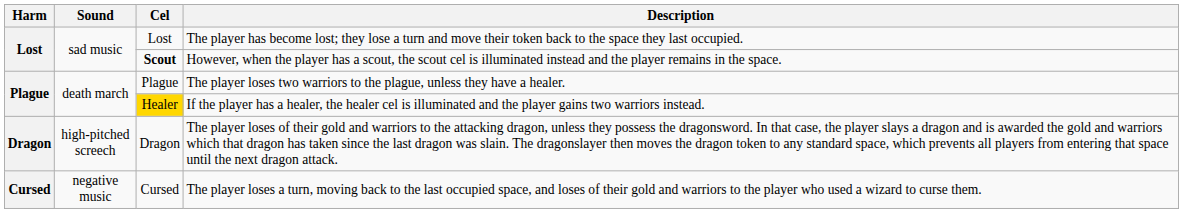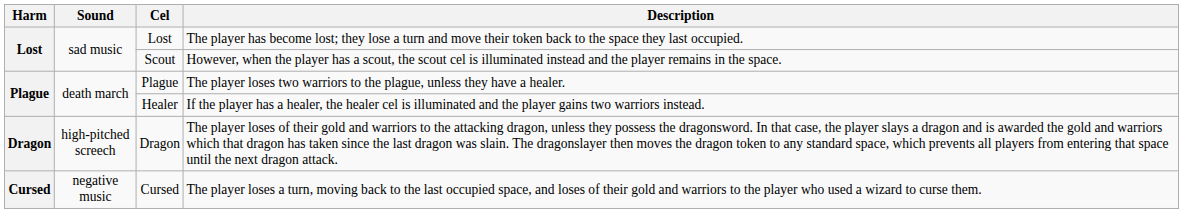 <table class="wikitable" style="font-size:90%;text-align:center;">
 <tr>
 <th>Harm</th>
 <th>Sound</th>
 <th>Cel</th>
 <th>Description</th>
 </tr>
 <tr>
 <th rowspan=2>Lost</th>
 <td rowspan=2>sad music</td>
 <td>Lost</td>
 <td style="text-align:left;">The player has become lost; they lose a turn and move their token back to the space they last occupied.</td>
 </tr>
 <tr>
-<td><strong>Scout</strong></td>
+<td>Scout</td>
 <td style="text-align:left;">However, when the player has a scout, the scout cel is illuminated instead and the player remains in the space.</td>
 </tr>
 <tr>
 <th rowspan=2>Plague</th>
 <td rowspan=2>death march</td>
 <td>Plague</td>
 <td style="text-align:left;">The player loses two warriors to the plague, unless they have a healer.</td>
 </tr>
 <tr>
-<td style="background: gold;">Healer</td>
+<td>Healer</td>
 <td style="text-align:left;">If the player has a healer, the healer cel is illuminated and the player gains two warriors instead.</td>
 </tr>
 <tr>
 <th>Dragon</th>
 <td>high-pitched screech</td>
 <td>Dragon</td>
 <td style="text-align:left;">The player loses  of their gold and warriors to the attacking dragon, unless they possess the dragonsword. In that case, the player slays a dragon and is awarded the gold and warriors which that dragon has taken since the last dragon was slain. The dragonslayer then moves the dragon token to any standard space, which prevents all players from entering that space until the next dragon attack.</td>
 </tr>
 <tr>
 <th>Cursed</th>
 <td>negative music</td>
 <td>Cursed</td>
 <td style="text-align:left;">The player loses a turn, moving back to the last occupied space, and loses  of their gold and warriors to the player who used a wizard to curse them.</td>
 </tr>
 </table>
